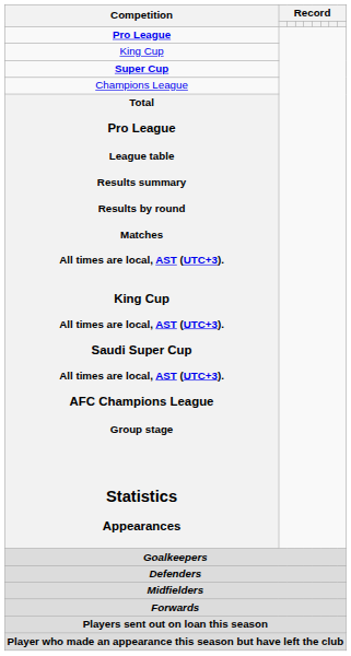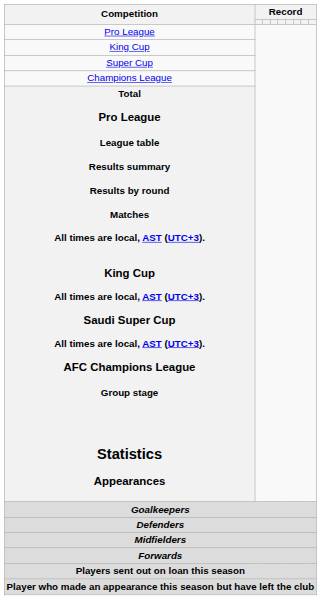 <table class="wikitable" style="text-align: center">
 <tr>
 <th rowspan=2>Competition</th>
 <th colspan=8>Record</th>
 </tr>
 <tr>
 <th></th>
 <th></th>
 <th></th>
 <th></th>
 <th></th>
 <th></th>
 <th></th>
 <th></th>
 </tr>
 <tr>
-<td><strong><a href='#'>Pro League</a><br></strong></td>
+<td><a href='#'>Pro League</a><br></td>
 </tr>
 <tr>
 <td><a href='#'>King Cup</a><br></td>
 </tr>
 <tr>
-<td><strong><a href='#'>Super Cup</a><br></strong></td>
+<td><a href='#'>Super Cup</a><br></td>
 </tr>
 <tr>
 <td><a href='#'>Champions League</a><br></td>
 </tr>
 <tr>
 <th>Total<br> <h3>Pro League</h3><h4>League table</h4><h4>Results summary</h4> <h4>Results by round</h4><h4>Matches</h4>All times are local, <a href='#'>AST</a> (<a href='#'>UTC+3</a>).<br>   <br>                             <h3>King Cup</h3> All times are local, <a href='#'>AST</a> (<a href='#'>UTC+3</a>).<br>  <h3>Saudi Super Cup</h3> All times are local, <a href='#'>AST</a> (<a href='#'>UTC+3</a>).<br><h3>AFC Champions League</h3><h4>Group stage</h4><br><br>     <h2>Statistics</h2><h3>Appearances</h3></th>
 </tr>
 <tr>
 <th colspan=16 style=background:#dcdcdc; text-align:center><em>Goalkeepers</em><br>   </th>
 </tr>
 <tr>
 <th colspan=16 style=background:#dcdcdc; text-align:center><em>Defenders</em><br>         </th>
 </tr>
 <tr>
 <th colspan=16 style=background:#dcdcdc; text-align:center><em>Midfielders</em><br>              </th>
 </tr>
 <tr>
 <th colspan=16 style=background:#dcdcdc; text-align:center><em>Forwards</em><br>    </th>
 </tr>
 <tr>
 <th colspan=16 style=background:#dcdcdc; text-align:center>Players sent out on loan this season<br></th>
 </tr>
 <tr>
 <th colspan=18 style=background:#dcdcdc; text-align:center>Player who made an appearance this season but have left the club<br></th>
 </tr>
 </table>
